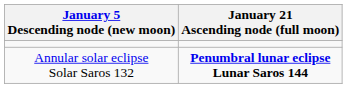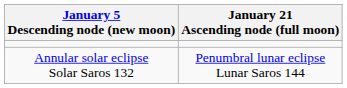 <table class="wikitable">
 <tr>
 <th><a href='#'>January 5</a><br>Descending node (new moon)<br></th>
 <th>January 21<br>Ascending node (full moon)<br></th>
 </tr>
 <tr>
 <td></td>
 <td></td>
 </tr>
 <tr align=center>
 <td><a href='#'>Annular solar eclipse</a><br>Solar Saros 132</td>
-<td><strong><a href='#'>Penumbral lunar eclipse</a><br>Lunar Saros 144</strong></td>
+<td><a href='#'>Penumbral lunar eclipse</a><br>Lunar Saros 144</td>
 </tr>
 </table>
